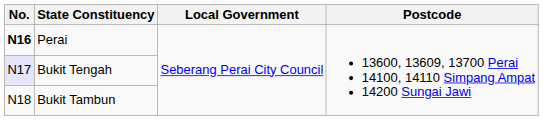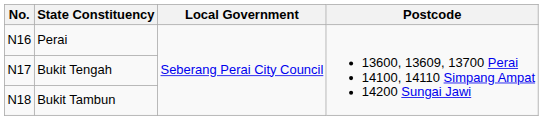 <table class="wikitable">
 <tr>
 <th>No.</th>
 <th>State Constituency</th>
 <th>Local Government</th>
 <th>Postcode</th>
 </tr>
 <tr>
-<td><strong>N16</strong></td>
+<td>N16</td>
 <td>Perai</td>
 <td rowspan="3"><a href='#'>Seberang Perai City Council</a></td>
 <td rowspan="3"><br><ul><li>13600, 13609, 13700 <a href='#'>Perai</a></li><li>14100, 14110 <a href='#'>Simpang Ampat</a></li><li>14200 <a href='#'>Sungai Jawi</a></li></ul></td>
 </tr>
 <tr>
-<td style="background: lavender;">N17</td>
+<td>N17</td>
 <td>Bukit Tengah</td>
 </tr>
 <tr>
 <td>N18</td>
 <td>Bukit Tambun</td>
 </tr>
 </table>
